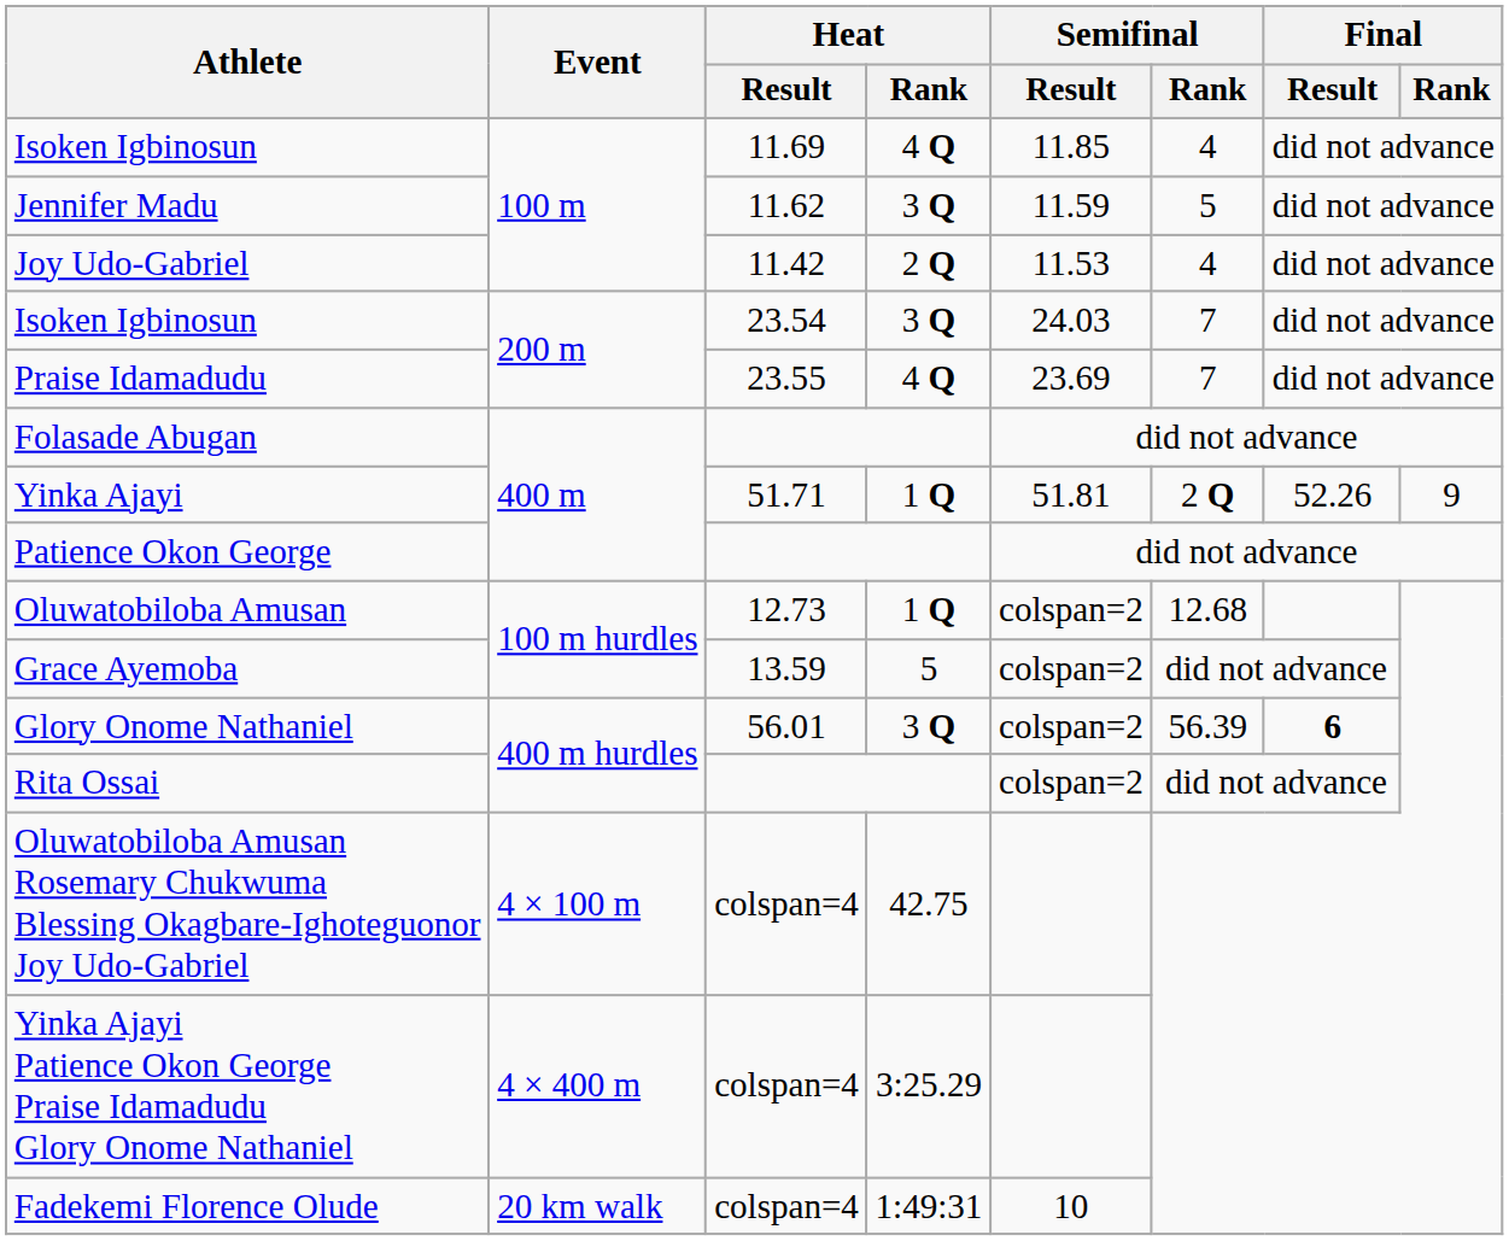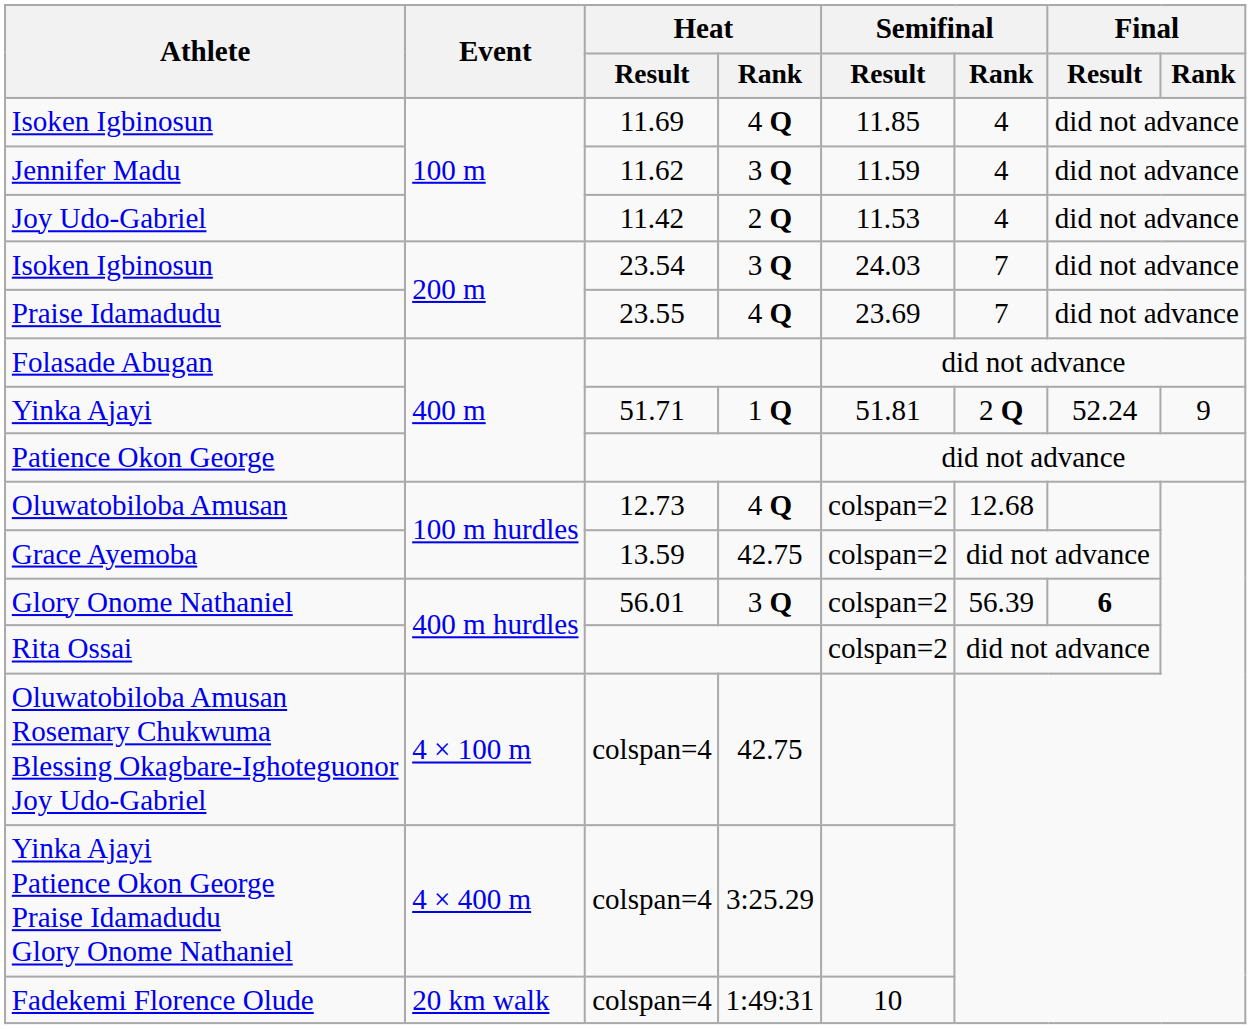 <table class="wikitable" style="font-size:90%">
 <tr>
 <th rowspan=2>Athlete</th>
 <th rowspan=2>Event</th>
 <th colspan=2>Heat</th>
 <th colspan=2>Semifinal</th>
 <th colspan=2>Final</th>
 </tr>
 <tr style="font-size:95%">
 <th>Result</th>
 <th>Rank</th>
 <th>Result</th>
 <th>Rank</th>
 <th>Result</th>
 <th>Rank</th>
 </tr>
 <tr align=center>
 <td align=left><a href='#'>Isoken Igbinosun</a></td>
 <td align=left rowspan=3><a href='#'>100 m</a></td>
 <td>11.69</td>
 <td>4 <strong>Q</strong></td>
 <td>11.85</td>
 <td>4</td>
 <td colspan=2>did not advance</td>
 </tr>
 <tr align=center>
 <td align=left><a href='#'>Jennifer Madu</a></td>
 <td>11.62</td>
 <td>3 <strong>Q</strong></td>
 <td>11.59</td>
-<td>5</td>
+<td>4</td>
 <td colspan=2>did not advance</td>
 </tr>
 <tr align=center>
 <td align=left><a href='#'>Joy Udo-Gabriel</a></td>
 <td>11.42</td>
 <td>2 <strong>Q</strong></td>
 <td>11.53</td>
 <td>4</td>
 <td colspan=2>did not advance</td>
 </tr>
 <tr align=center>
 <td align=left><a href='#'>Isoken Igbinosun</a></td>
 <td align=left rowspan=2><a href='#'>200 m</a></td>
 <td>23.54</td>
 <td>3 <strong>Q</strong></td>
 <td>24.03</td>
 <td>7</td>
 <td colspan=2>did not advance</td>
 </tr>
 <tr align=center>
 <td align=left><a href='#'>Praise Idamadudu</a></td>
 <td>23.55</td>
 <td>4 <strong>Q</strong></td>
 <td>23.69</td>
 <td>7</td>
 <td colspan=2>did not advance</td>
 </tr>
 <tr align=center>
 <td align=left><a href='#'>Folasade Abugan</a></td>
 <td align=left rowspan=3><a href='#'>400 m</a></td>
 <td Colspan=2></td>
 <td colspan=4>did not advance</td>
 </tr>
 <tr align=center>
 <td align=left><a href='#'>Yinka Ajayi</a></td>
 <td>51.71</td>
 <td>1 <strong>Q</strong></td>
 <td>51.81</td>
 <td>2 <strong>Q</strong></td>
-<td>52.26</td>
+<td>52.24</td>
 <td>9</td>
 </tr>
 <tr align=center>
 <td align=left><a href='#'>Patience Okon George</a></td>
 <td Colspan=2></td>
 <td colspan=4>did not advance</td>
 </tr>
 <tr align=center>
 <td align=left><a href='#'>Oluwatobiloba Amusan</a></td>
 <td align=left rowspan=2><a href='#'>100 m hurdles</a></td>
 <td>12.73</td>
-<td>1 <strong>Q</strong></td>
+<td>4 <strong>Q</strong></td>
 <td>colspan=2</td>
 <td>12.68</td>
 <td></td>
 </tr>
 <tr align=center>
 <td align=left><a href='#'>Grace Ayemoba</a></td>
 <td>13.59</td>
-<td>5</td>
+<td>42.75</td>
 <td>colspan=2</td>
 <td colspan=2>did not advance</td>
 </tr>
 <tr align=center>
 <td align=left><a href='#'>Glory Onome Nathaniel</a></td>
 <td align=left rowspan=2><a href='#'>400 m hurdles</a></td>
 <td>56.01</td>
 <td>3 <strong>Q</strong></td>
 <td>colspan=2</td>
 <td>56.39</td>
 <td><strong>6</strong></td>
 </tr>
 <tr align=center>
 <td align=left><a href='#'>Rita Ossai</a></td>
 <td colspan=2></td>
 <td>colspan=2</td>
 <td colspan=2>did not advance</td>
 </tr>
 <tr align=center>
 <td align=left><a href='#'>Oluwatobiloba Amusan</a><br><a href='#'>Rosemary Chukwuma</a><br><a href='#'>Blessing Okagbare-Ighoteguonor</a><br><a href='#'>Joy Udo-Gabriel</a></td>
 <td align=left><a href='#'>4 × 100 m</a></td>
 <td>colspan=4</td>
 <td>42.75</td>
 <td></td>
 </tr>
 <tr align=center>
 <td align=left><a href='#'>Yinka Ajayi</a><br><a href='#'>Patience Okon George</a><br><a href='#'>Praise Idamadudu</a><br><a href='#'>Glory Onome Nathaniel</a></td>
 <td align=left><a href='#'>4 × 400 m</a></td>
 <td>colspan=4</td>
 <td>3:25.29</td>
 <td></td>
 </tr>
 <tr align=center>
 <td align=left><a href='#'>Fadekemi Florence Olude</a></td>
 <td align=left><a href='#'>20 km walk</a></td>
 <td>colspan=4</td>
 <td>1:49:31</td>
 <td>10</td>
 </tr>
 </table>
